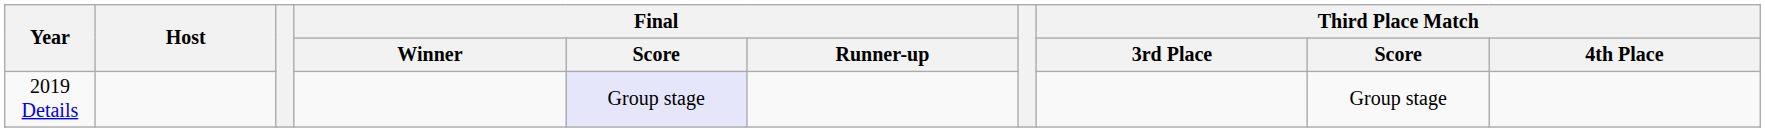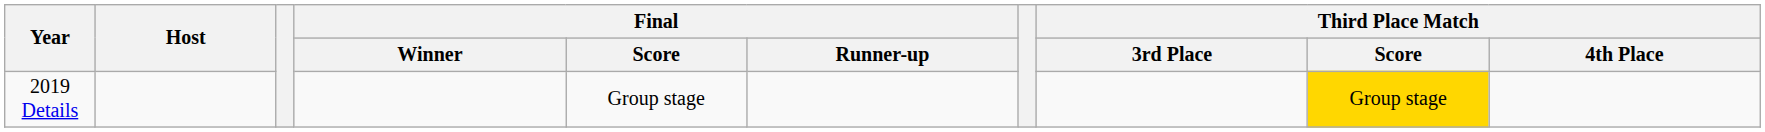 <table class="wikitable" style="font-size: 90%; text-align: center; width: 100%;">
 <tr>
 <th rowspan="2" width="5%">Year</th>
 <th rowspan="2" width="10%">Host</th>
 <th width="1%" rowspan="19"></th>
 <th colspan="3">Final</th>
 <th width="1%" rowspan="19"></th>
 <th colspan="3">Third Place Match</th>
 </tr>
 <tr>
 <th width="15%">Winner</th>
 <th width="10%">Score</th>
 <th width="15%">Runner-up</th>
 <th width="15%">3rd Place</th>
 <th width="10%">Score</th>
 <th width="15%">4th Place</th>
 </tr>
 <tr>
 <td>2019<br><a href='#'>Details</a></td>
 <td align=left></td>
 <td><strong> </strong></td>
-<td style="background: lavender;">Group stage</td>
+<td>Group stage</td>
 <td></td>
 <td></td>
-<td>Group stage</td>
+<td style="background: gold;">Group stage</td>
 <td></td>
 </tr>
 </table>
